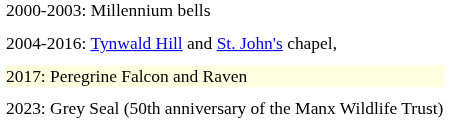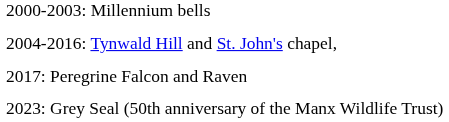 <table cellspacing="10px">
 <tr valign="top">
 <td>2000-2003: Millennium bells<br></td>
 </tr>
 <tr valign="top">
 <td>2004-2016: <a href='#'>Tynwald Hill</a> and <a href='#'>St. John's</a> chapel,<br></td>
 </tr>
 <tr valign="top">
-<td style="background: lightyellow;">2017: Peregrine Falcon and Raven</td>
+<td>2017: Peregrine Falcon and Raven</td>
 </tr>
 <tr valign="top">
 <td>2023: Grey Seal (50th anniversary of the Manx Wildlife Trust)</td>
 </tr>
 </table>
